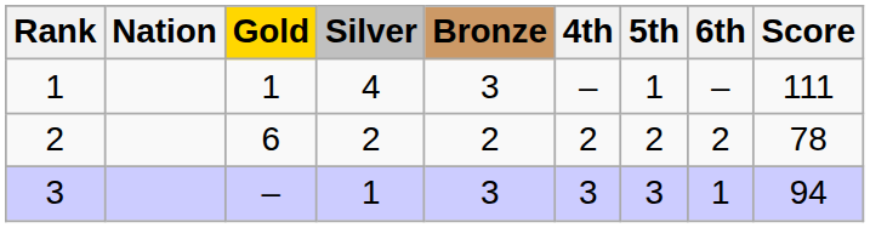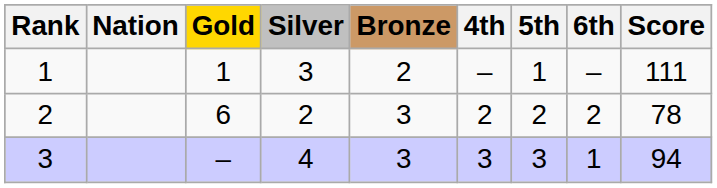 <table class="wikitable sortable" style="text-align:center">
 <tr>
 <th>Rank</th>
 <th>Nation</th>
 <td bgcolor="gold"><strong>Gold</strong></td>
 <td bgcolor="silver"><strong>Silver</strong></td>
 <td bgcolor=cc9966><strong>Bronze</strong></td>
 <th>4th</th>
 <th>5th</th>
 <th>6th</th>
 <th>Score</th>
 </tr>
 <tr>
 <td>1</td>
 <td align=left></td>
 <td>1</td>
-<td>4</td>
 <td>3</td>
+<td>2</td>
 <td>–</td>
 <td>1</td>
 <td>–</td>
 <td>111</td>
 </tr>
 <tr>
 <td>2</td>
 <td align=left></td>
 <td>6</td>
 <td>2</td>
-<td>2</td>
+<td>3</td>
 <td>2</td>
 <td>2</td>
 <td>2</td>
 <td>78</td>
 </tr>
 <tr style="background-color:#ccccff">
 <td>3</td>
 <td align=left></td>
 <td>–</td>
-<td>1</td>
+<td>4</td>
 <td>3</td>
 <td>3</td>
 <td>3</td>
 <td>1</td>
 <td>94</td>
 </tr>
 </table>
